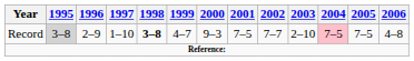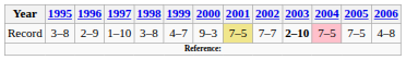 <table class="wikitable" style="text-align: center">
 <tr align=center>
 <th>Year</th>
 <th><a href='#'>1995</a></th>
 <th><a href='#'>1996</a></th>
 <th><a href='#'>1997</a></th>
 <th><a href='#'>1998</a></th>
 <th><a href='#'>1999</a></th>
 <th><a href='#'>2000</a></th>
 <th><a href='#'>2001</a></th>
 <th><a href='#'>2002</a></th>
 <th><a href='#'>2003</a></th>
 <th><a href='#'>2004</a></th>
 <th><a href='#'>2005</a></th>
 <th><a href='#'>2006</a></th>
 </tr>
 <tr align=center>
 <td>Record</td>
-<td style="background: lightgrey;">3–8</td>
+<td>3–8</td>
 <td>2–9</td>
 <td>1–10</td>
-<td><strong>3–8</strong></td>
+<td>3–8</td>
 <td>4–7</td>
 <td>9–3</td>
-<td>7–5</td>
+<td style="background: khaki;">7–5</td>
 <td>7–7</td>
-<td>2–10</td>
+<td><strong>2–10</strong></td>
 <td style="background: pink;">7–5</td>
 <td>7–5</td>
 <td>4–8</td>
 </tr>
 <tr align=center>
 <td colspan="13"  style="font-size:8pt; text-align:center;"><strong>Reference:</strong></td>
 </tr>
 </table>
